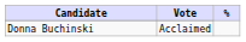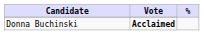 <table class="wikitable">
 <tr>
 <th style="background:#ddf; width:200px;">Candidate</th>
 <th style="background:#ddf; width:50px;">Vote</th>
 <th style="background:#ddf; width:30px;">%</th>
 </tr>
 <tr>
 </tr>
 <tr>
 <td>Donna Buchinski</td>
-<td>Acclaimed</td>
+<td><strong>Acclaimed</strong></td>
 </tr>
 </table>
